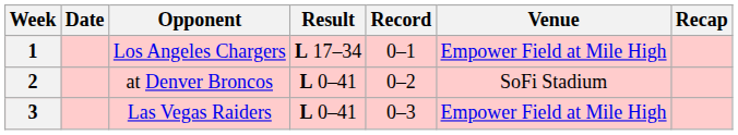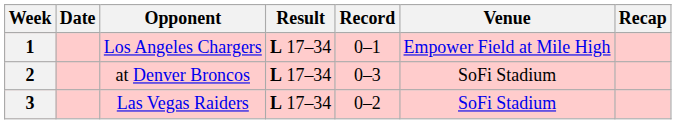 <table class="wikitable" style="text-align:center">
 <tr>
 <th>Week</th>
 <th>Date</th>
 <th>Opponent</th>
 <th>Result</th>
 <th>Record</th>
 <th>Venue</th>
 <th>Recap</th>
 </tr>
 <tr style="background:#fcc">
 <th>1</th>
 <td></td>
 <td><a href='#'>Los Angeles Chargers</a></td>
 <td><strong>L</strong> 17–34</td>
 <td>0–1</td>
 <td><a href='#'>Empower Field at Mile High</a></td>
 <td></td>
 </tr>
 <tr style="background:#fcc">
 <th>2</th>
 <td></td>
 <td>at <a href='#'>Denver Broncos</a></td>
-<td><strong>L</strong> 0–41</td>
-<td>0–2</td>
+<td><strong>L</strong> 17–34</td>
+<td>0–3</td>
 <td>SoFi Stadium</td>
 <td></td>
 </tr>
 <tr style="background:#fcc">
 <th>3</th>
 <td></td>
 <td><a href='#'>Las Vegas Raiders</a></td>
-<td><strong>L</strong> 0–41</td>
-<td>0–3</td>
-<td><a href='#'>Empower Field at Mile High</a></td>
+<td><strong>L</strong> 17–34</td>
+<td>0–2</td>
+<td><a href='#'>SoFi Stadium</a></td>
 <td></td>
 </tr>
 </table>
